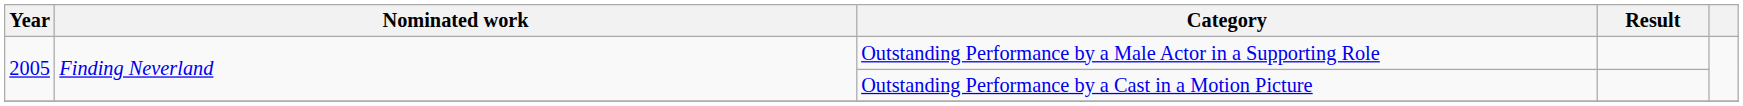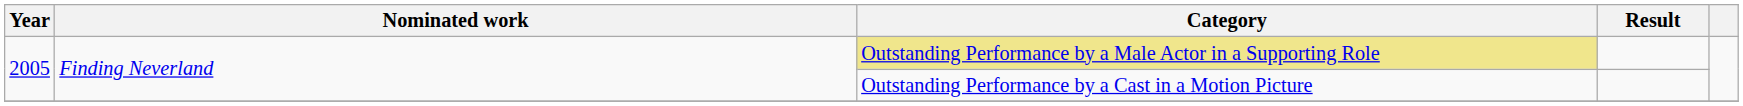 <table class="wikitable">
 <tr>
 <th scope="col" style="width:1em;">Year</th>
 <th scope="col" style="width:39em;">Nominated work</th>
 <th scope="col" style="width:36em;">Category</th>
 <th scope="col" style="width:5em;">Result</th>
 <th scope="col" style="width:1em;"></th>
 </tr>
 <tr>
 <td rowspan="2"><a href='#'>2005</a></td>
 <td rowspan="2"><em><a href='#'>Finding Neverland</a></em></td>
-<td><a href='#'>Outstanding Performance by a Male Actor in a Supporting Role</a></td>
+<td style="background: khaki;"><a href='#'>Outstanding Performance by a Male Actor in a Supporting Role</a></td>
 <td></td>
 <td rowspan="2" align="center"></td>
 </tr>
 <tr>
 <td><a href='#'>Outstanding Performance by a Cast in a Motion Picture</a></td>
 <td></td>
 </tr>
 <tr>
 </tr>
 </table>
